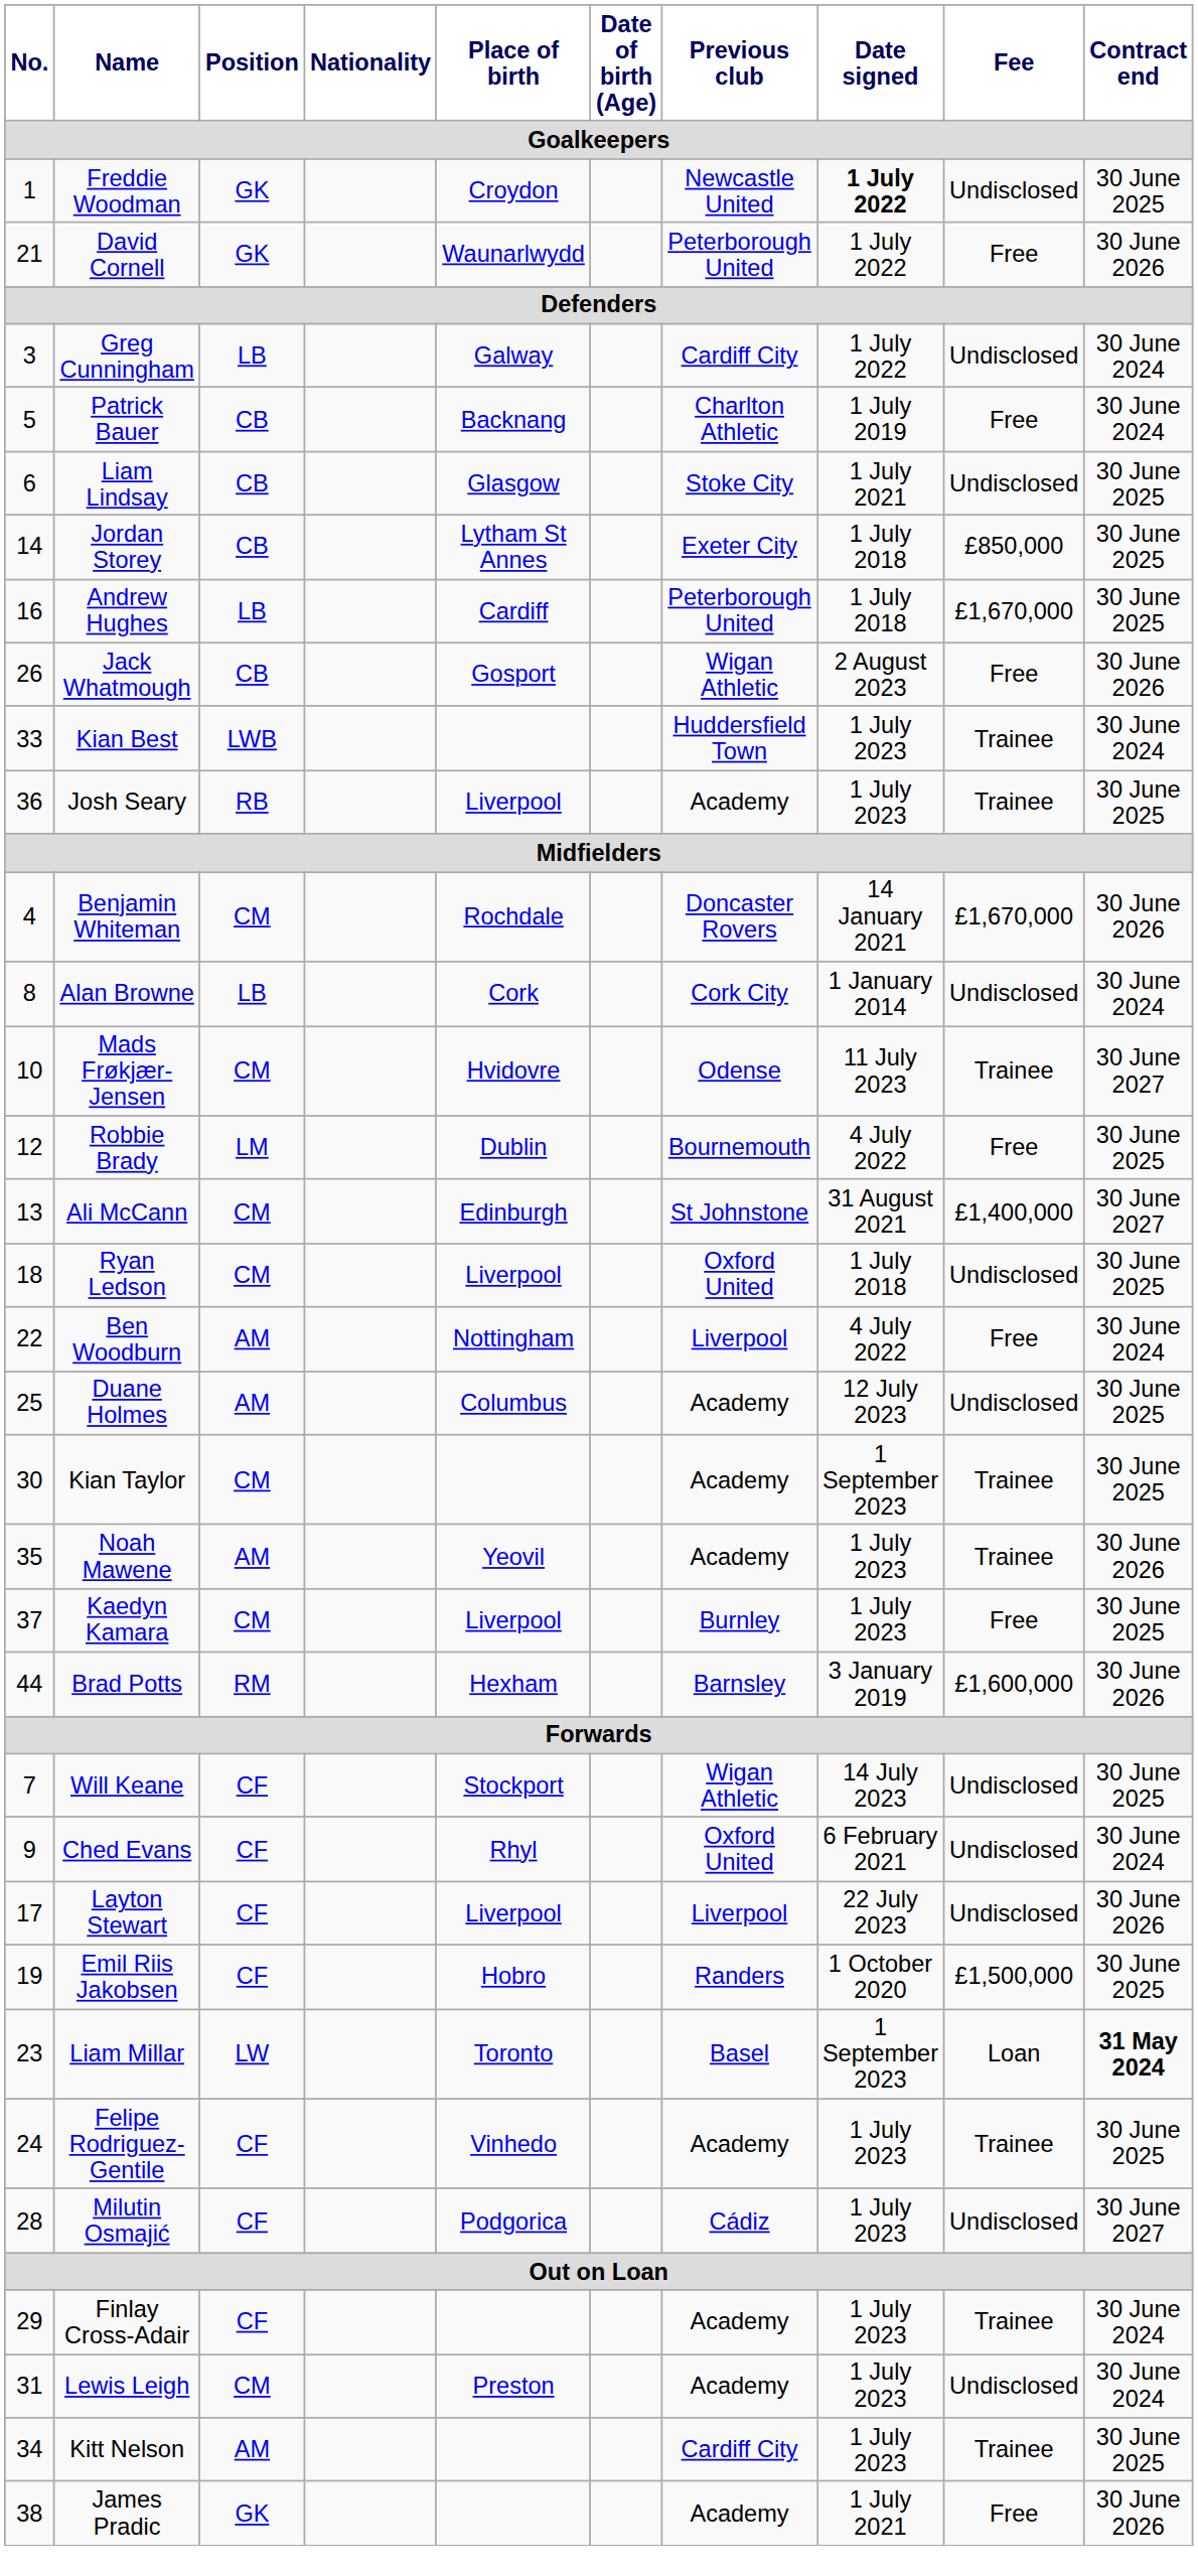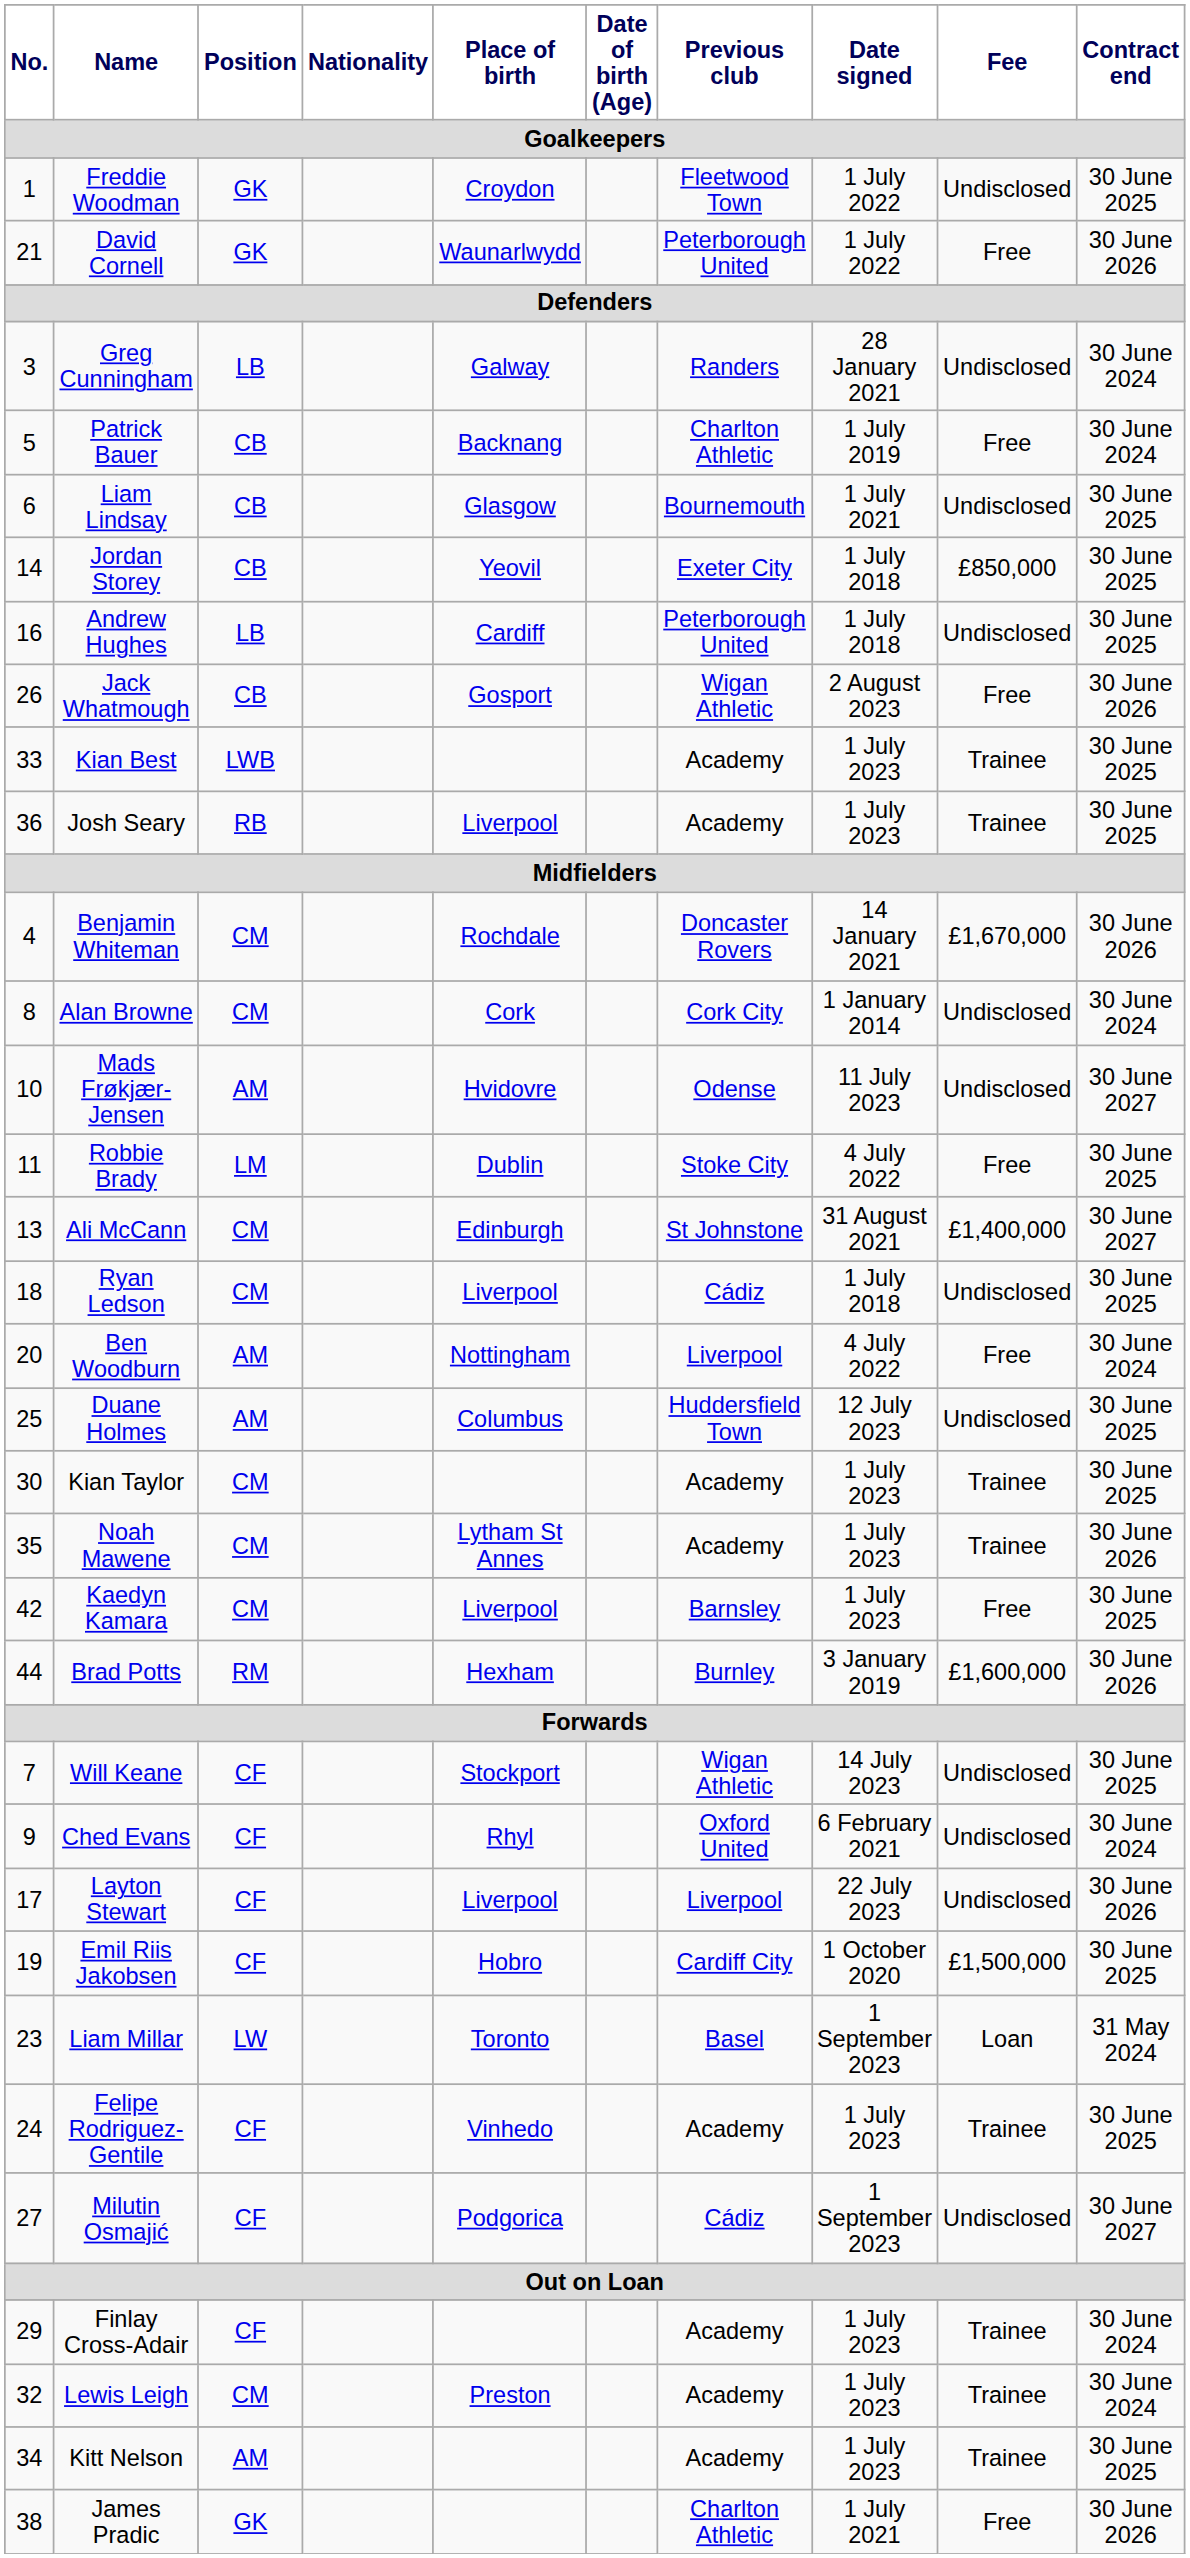 <table class="wikitable" style="text-align:center; font-size:84.5%; width:101%;">
 <tr>
 <th style="background:#ffffff;color:#00005a; ">No.</th>
 <th style="background:#ffffff;color:#00005a; ">Name</th>
 <th style="background:#ffffff;color:#00005a; ">Position</th>
 <th style="background:#ffffff;color:#00005a; ">Nationality</th>
 <th style="background:#ffffff;color:#00005a; ">Place of birth</th>
 <th style="background:#ffffff;color:#00005a; ">Date of birth (Age)</th>
 <th style="background:#ffffff;color:#00005a; ">Previous club</th>
 <th style="background:#ffffff;color:#00005a; ">Date signed</th>
 <th style="background:#ffffff;color:#00005a; ">Fee</th>
 <th style="background:#ffffff;color:#00005a; ">Contract end</th>
 </tr>
 <tr>
 <th colspan="14" style="background:#dcdcdc; tepxt-align:center;">Goalkeepers</th>
 </tr>
 <tr>
 <td>1</td>
 <td><a href='#'>Freddie Woodman</a></td>
 <td><a href='#'>GK</a></td>
 <td></td>
 <td><a href='#'>Croydon</a></td>
 <td></td>
-<td><a href='#'>Newcastle United</a></td>
-<td><strong>1 July 2022</strong></td>
+<td><a href='#'>Fleetwood Town</a></td>
+<td>1 July 2022</td>
 <td>Undisclosed</td>
 <td>30 June 2025</td>
 </tr>
 <tr>
 <td>21</td>
 <td><a href='#'>David Cornell</a></td>
 <td><a href='#'>GK</a></td>
 <td></td>
 <td><a href='#'>Waunarlwydd</a></td>
 <td></td>
 <td><a href='#'>Peterborough United</a></td>
 <td>1 July 2022</td>
 <td>Free</td>
 <td>30 June 2026</td>
 </tr>
 <tr>
 <th colspan="14" style="background:#dcdcdc; tepxt-align:center;">Defenders</th>
 </tr>
 <tr>
 <td>3</td>
 <td><a href='#'>Greg Cunningham</a></td>
 <td><a href='#'>LB</a></td>
 <td></td>
 <td><a href='#'>Galway</a></td>
 <td></td>
-<td> <a href='#'>Cardiff City</a></td>
-<td>1 July 2022</td>
+<td> <a href='#'>Randers</a></td>
+<td>28 January 2021</td>
 <td>Undisclosed</td>
 <td>30 June 2024</td>
 </tr>
 <tr>
 <td>5</td>
 <td><a href='#'>Patrick Bauer</a></td>
 <td><a href='#'>CB</a></td>
 <td></td>
 <td><a href='#'>Backnang</a></td>
 <td></td>
 <td><a href='#'>Charlton Athletic</a></td>
 <td>1 July 2019</td>
 <td>Free</td>
 <td>30 June 2024</td>
 </tr>
 <tr>
 <td>6</td>
 <td><a href='#'>Liam Lindsay</a></td>
 <td><a href='#'>CB</a></td>
 <td></td>
 <td><a href='#'>Glasgow</a></td>
 <td></td>
-<td><a href='#'>Stoke City</a></td>
+<td><a href='#'>Bournemouth</a></td>
 <td>1 July 2021</td>
 <td>Undisclosed</td>
 <td>30 June 2025</td>
 </tr>
 <tr>
 <td>14</td>
 <td><a href='#'>Jordan Storey</a></td>
 <td><a href='#'>CB</a></td>
 <td></td>
-<td><a href='#'>Lytham St Annes</a></td>
+<td><a href='#'>Yeovil</a></td>
 <td></td>
 <td><a href='#'>Exeter City</a></td>
 <td>1 July 2018</td>
 <td>£850,000</td>
 <td>30 June 2025</td>
 </tr>
 <tr>
 <td>16</td>
 <td><a href='#'>Andrew Hughes</a></td>
 <td><a href='#'>LB</a></td>
 <td></td>
 <td><a href='#'>Cardiff</a></td>
 <td></td>
 <td><a href='#'>Peterborough United</a></td>
 <td>1 July 2018</td>
-<td>£1,670,000</td>
+<td>Undisclosed</td>
 <td>30 June 2025</td>
 </tr>
 <tr>
 <td>26</td>
 <td><a href='#'>Jack Whatmough</a></td>
 <td><a href='#'>CB</a></td>
 <td></td>
 <td><a href='#'>Gosport</a></td>
 <td></td>
 <td><a href='#'>Wigan Athletic</a></td>
 <td>2 August 2023</td>
 <td>Free</td>
 <td>30 June 2026</td>
 </tr>
 <tr>
 <td>33</td>
 <td><a href='#'>Kian Best</a></td>
 <td><a href='#'>LWB</a></td>
 <td></td>
 <td></td>
 <td></td>
-<td><a href='#'>Huddersfield Town</a></td>
+<td>Academy</td>
 <td>1 July 2023</td>
 <td>Trainee</td>
-<td>30 June 2024</td>
+<td>30 June 2025</td>
 </tr>
 <tr>
 <td>36</td>
 <td>Josh Seary</td>
 <td><a href='#'>RB</a></td>
 <td></td>
 <td> <a href='#'>Liverpool</a></td>
 <td></td>
 <td>Academy</td>
 <td>1 July 2023</td>
 <td>Trainee</td>
 <td>30 June 2025</td>
 </tr>
 <tr>
 <th colspan="14" style="background:#dcdcdc; tepxt-align:center;">Midfielders</th>
 </tr>
 <tr>
 <td>4</td>
 <td><a href='#'>Benjamin Whiteman</a></td>
 <td><a href='#'>CM</a></td>
 <td></td>
 <td><a href='#'>Rochdale</a></td>
 <td></td>
 <td><a href='#'>Doncaster Rovers</a></td>
 <td>14 January 2021</td>
 <td>£1,670,000</td>
 <td>30 June 2026</td>
 </tr>
 <tr>
 <td>8</td>
 <td><a href='#'>Alan Browne</a></td>
-<td><a href='#'>LB</a></td>
+<td><a href='#'>CM</a></td>
 <td></td>
 <td><a href='#'>Cork</a></td>
 <td></td>
 <td> <a href='#'>Cork City</a></td>
 <td>1 January 2014</td>
 <td>Undisclosed</td>
 <td>30 June 2024</td>
 </tr>
 <tr>
 <td>10</td>
 <td><a href='#'>Mads Frøkjær-Jensen</a></td>
-<td><a href='#'>CM</a></td>
+<td><a href='#'>AM</a></td>
 <td></td>
 <td><a href='#'>Hvidovre</a></td>
 <td></td>
 <td> <a href='#'>Odense</a></td>
 <td>11 July 2023</td>
-<td>Trainee</td>
+<td>Undisclosed</td>
 <td>30 June 2027</td>
 </tr>
 <tr>
-<td>12</td>
+<td>11</td>
 <td><a href='#'>Robbie Brady</a></td>
 <td><a href='#'>LM</a></td>
 <td></td>
 <td><a href='#'>Dublin</a></td>
 <td></td>
-<td><a href='#'>Bournemouth</a></td>
+<td><a href='#'>Stoke City</a></td>
 <td>4 July 2022</td>
 <td>Free</td>
 <td>30 June 2025</td>
 </tr>
 <tr>
 <td>13</td>
 <td><a href='#'>Ali McCann</a></td>
 <td><a href='#'>CM</a></td>
 <td></td>
 <td> <a href='#'>Edinburgh</a></td>
 <td></td>
 <td> <a href='#'>St Johnstone</a></td>
 <td>31 August 2021</td>
 <td>£1,400,000</td>
 <td>30 June 2027</td>
 </tr>
 <tr>
 <td>18</td>
 <td><a href='#'>Ryan Ledson</a></td>
 <td><a href='#'>CM</a></td>
 <td></td>
 <td><a href='#'>Liverpool</a></td>
 <td></td>
-<td><a href='#'>Oxford United</a></td>
+<td> <a href='#'>Cádiz</a></td>
 <td>1 July 2018</td>
 <td>Undisclosed</td>
 <td>30 June 2025</td>
 </tr>
 <tr>
-<td>22</td>
+<td>20</td>
 <td><a href='#'>Ben Woodburn</a></td>
 <td><a href='#'>AM</a></td>
 <td></td>
 <td> <a href='#'>Nottingham</a></td>
 <td></td>
 <td><a href='#'>Liverpool</a></td>
 <td>4 July 2022</td>
 <td>Free</td>
 <td>30 June 2024</td>
 </tr>
 <tr>
 <td>25</td>
 <td><a href='#'>Duane Holmes</a></td>
 <td><a href='#'>AM</a></td>
 <td></td>
 <td><a href='#'>Columbus</a></td>
 <td></td>
-<td>Academy</td>
+<td><a href='#'>Huddersfield Town</a></td>
 <td>12 July 2023</td>
 <td>Undisclosed</td>
 <td>30 June 2025</td>
 </tr>
 <tr>
 <td>30</td>
 <td>Kian Taylor</td>
 <td><a href='#'>CM</a></td>
 <td></td>
 <td></td>
 <td></td>
 <td>Academy</td>
-<td>1 September 2023</td>
+<td>1 July 2023</td>
 <td>Trainee</td>
 <td>30 June 2025</td>
 </tr>
 <tr>
 <td>35</td>
 <td><a href='#'>Noah Mawene</a></td>
-<td><a href='#'>AM</a></td>
+<td><a href='#'>CM</a></td>
 <td></td>
-<td><a href='#'>Yeovil</a></td>
+<td><a href='#'>Lytham St Annes</a></td>
 <td></td>
 <td>Academy</td>
 <td>1 July 2023</td>
 <td>Trainee</td>
 <td>30 June 2026</td>
 </tr>
 <tr>
-<td>37</td>
+<td>42</td>
 <td><a href='#'>Kaedyn Kamara</a></td>
 <td><a href='#'>CM</a></td>
 <td></td>
 <td><a href='#'>Liverpool</a></td>
 <td></td>
-<td><a href='#'>Burnley</a></td>
+<td><a href='#'>Barnsley</a></td>
 <td>1 July 2023</td>
 <td>Free</td>
 <td>30 June 2025</td>
 </tr>
 <tr>
 <td>44</td>
 <td><a href='#'>Brad Potts</a></td>
 <td><a href='#'>RM</a></td>
 <td></td>
 <td><a href='#'>Hexham</a></td>
 <td></td>
-<td><a href='#'>Barnsley</a></td>
+<td><a href='#'>Burnley</a></td>
 <td>3 January 2019</td>
 <td>£1,600,000</td>
 <td>30 June 2026</td>
 </tr>
 <tr>
 <th colspan="14" style="background:#dcdcdc; tepxt-align:center;">Forwards</th>
 </tr>
 <tr>
 <td>7</td>
 <td><a href='#'>Will Keane</a></td>
 <td><a href='#'>CF</a></td>
 <td></td>
 <td> <a href='#'>Stockport</a></td>
 <td></td>
 <td><a href='#'>Wigan Athletic</a></td>
 <td>14 July 2023</td>
 <td>Undisclosed</td>
 <td>30 June 2025</td>
 </tr>
 <tr>
 <td>9</td>
 <td><a href='#'>Ched Evans</a></td>
 <td><a href='#'>CF</a></td>
 <td></td>
 <td><a href='#'>Rhyl</a></td>
 <td></td>
 <td><a href='#'>Oxford United</a></td>
 <td>6 February 2021</td>
 <td>Undisclosed</td>
 <td>30 June 2024</td>
 </tr>
 <tr>
 <td>17</td>
 <td><a href='#'>Layton Stewart</a></td>
 <td><a href='#'>CF</a></td>
 <td></td>
 <td><a href='#'>Liverpool</a></td>
 <td></td>
 <td><a href='#'>Liverpool</a></td>
 <td>22 July 2023</td>
 <td>Undisclosed</td>
 <td>30 June 2026</td>
 </tr>
 <tr>
 <td>19</td>
 <td><a href='#'>Emil Riis Jakobsen</a></td>
 <td><a href='#'>CF</a></td>
 <td></td>
 <td><a href='#'>Hobro</a></td>
 <td></td>
-<td> <a href='#'>Randers</a></td>
+<td> <a href='#'>Cardiff City</a></td>
 <td>1 October 2020</td>
 <td>£1,500,000</td>
 <td>30 June 2025</td>
 </tr>
 <tr>
 <td>23</td>
 <td><a href='#'>Liam Millar</a></td>
 <td><a href='#'>LW</a></td>
 <td></td>
 <td><a href='#'>Toronto</a></td>
 <td></td>
 <td> <a href='#'>Basel</a></td>
 <td>1 September 2023</td>
 <td>Loan</td>
-<td><strong>31 May 2024</strong></td>
+<td>31 May 2024</td>
 </tr>
 <tr>
 <td>24</td>
 <td><a href='#'>Felipe Rodriguez-Gentile</a></td>
 <td><a href='#'>CF</a></td>
 <td></td>
 <td> <a href='#'>Vinhedo</a></td>
 <td></td>
 <td>Academy</td>
 <td>1 July 2023</td>
 <td>Trainee</td>
 <td>30 June 2025</td>
 </tr>
 <tr>
-<td>28</td>
+<td>27</td>
 <td><a href='#'>Milutin Osmajić</a></td>
 <td><a href='#'>CF</a></td>
 <td></td>
 <td><a href='#'>Podgorica</a></td>
 <td></td>
 <td> <a href='#'>Cádiz</a></td>
-<td>1 July 2023</td>
+<td>1 September 2023</td>
 <td>Undisclosed</td>
 <td>30 June 2027</td>
 </tr>
 <tr>
 <th colspan="14" style="background:#dcdcdc; tepxt-align:center;">Out on Loan</th>
 </tr>
 <tr>
 <td>29</td>
 <td>Finlay Cross-Adair</td>
 <td><a href='#'>CF</a></td>
 <td></td>
 <td></td>
 <td></td>
 <td>Academy</td>
 <td>1 July 2023</td>
 <td>Trainee</td>
 <td>30 June 2024</td>
 </tr>
 <tr>
-<td>31</td>
+<td>32</td>
 <td><a href='#'>Lewis Leigh</a></td>
 <td><a href='#'>CM</a></td>
 <td></td>
 <td><a href='#'>Preston</a></td>
 <td></td>
 <td>Academy</td>
 <td>1 July 2023</td>
-<td>Undisclosed</td>
+<td>Trainee</td>
 <td>30 June 2024</td>
 </tr>
 <tr>
 <td>34</td>
 <td>Kitt Nelson</td>
 <td><a href='#'>AM</a></td>
 <td></td>
 <td></td>
 <td></td>
-<td> <a href='#'>Cardiff City</a></td>
+<td>Academy</td>
 <td>1 July 2023</td>
 <td>Trainee</td>
 <td>30 June 2025</td>
 </tr>
 <tr>
 <td>38</td>
 <td>James Pradic</td>
 <td><a href='#'>GK</a></td>
 <td></td>
 <td></td>
 <td></td>
-<td>Academy</td>
+<td><a href='#'>Charlton Athletic</a></td>
 <td>1 July 2021</td>
 <td>Free</td>
 <td>30 June 2026</td>
 </tr>
 </table>
